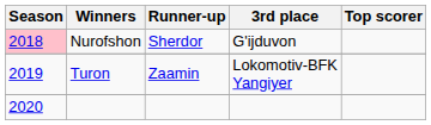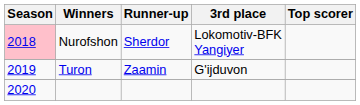 <table class="wikitable">
 <tr>
 <th>Season</th>
 <th>Winners</th>
 <th>Runner-up</th>
 <th>3rd place</th>
 <th>Top scorer</th>
 </tr>
 <tr>
 <td style="background: pink;"><a href='#'>2018</a></td>
 <td>Nurofshon</td>
 <td><a href='#'>Sherdor</a></td>
-<td>G'ijduvon</td>
+<td>Lokomotiv-BFK<br><a href='#'>Yangiyer</a></td>
 <td></td>
 </tr>
 <tr>
 </tr>
 <tr>
 <td><a href='#'>2019</a></td>
 <td><a href='#'>Turon</a></td>
 <td><a href='#'>Zaamin</a></td>
-<td>Lokomotiv-BFK<br><a href='#'>Yangiyer</a></td>
+<td>G'ijduvon</td>
 <td></td>
 </tr>
 <tr>
 </tr>
 <tr>
 <td><a href='#'>2020</a></td>
 <td></td>
 <td></td>
 <td></td>
 <td></td>
 </tr>
 </table>
